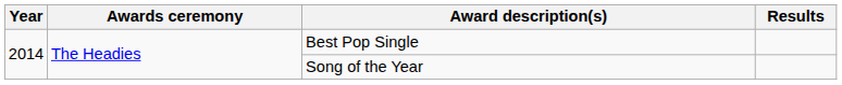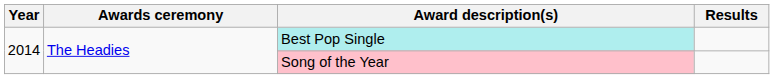 <table class="wikitable">
 <tr>
 <th>Year</th>
 <th style="width:250px;">Awards ceremony</th>
 <th style="width:450px;">Award description(s)</th>
 <th style="width:75px;">Results</th>
 </tr>
 <tr>
 <td rowspan="2">2014</td>
 <td rowspan="2"><a href='#'>The Headies</a></td>
-<td>Best Pop Single</td>
+<td style="background: paleturquoise;">Best Pop Single</td>
 <td></td>
 </tr>
 <tr>
-<td>Song of the Year</td>
+<td style="background: pink;">Song of the Year</td>
 <td></td>
 </tr>
 </table>
